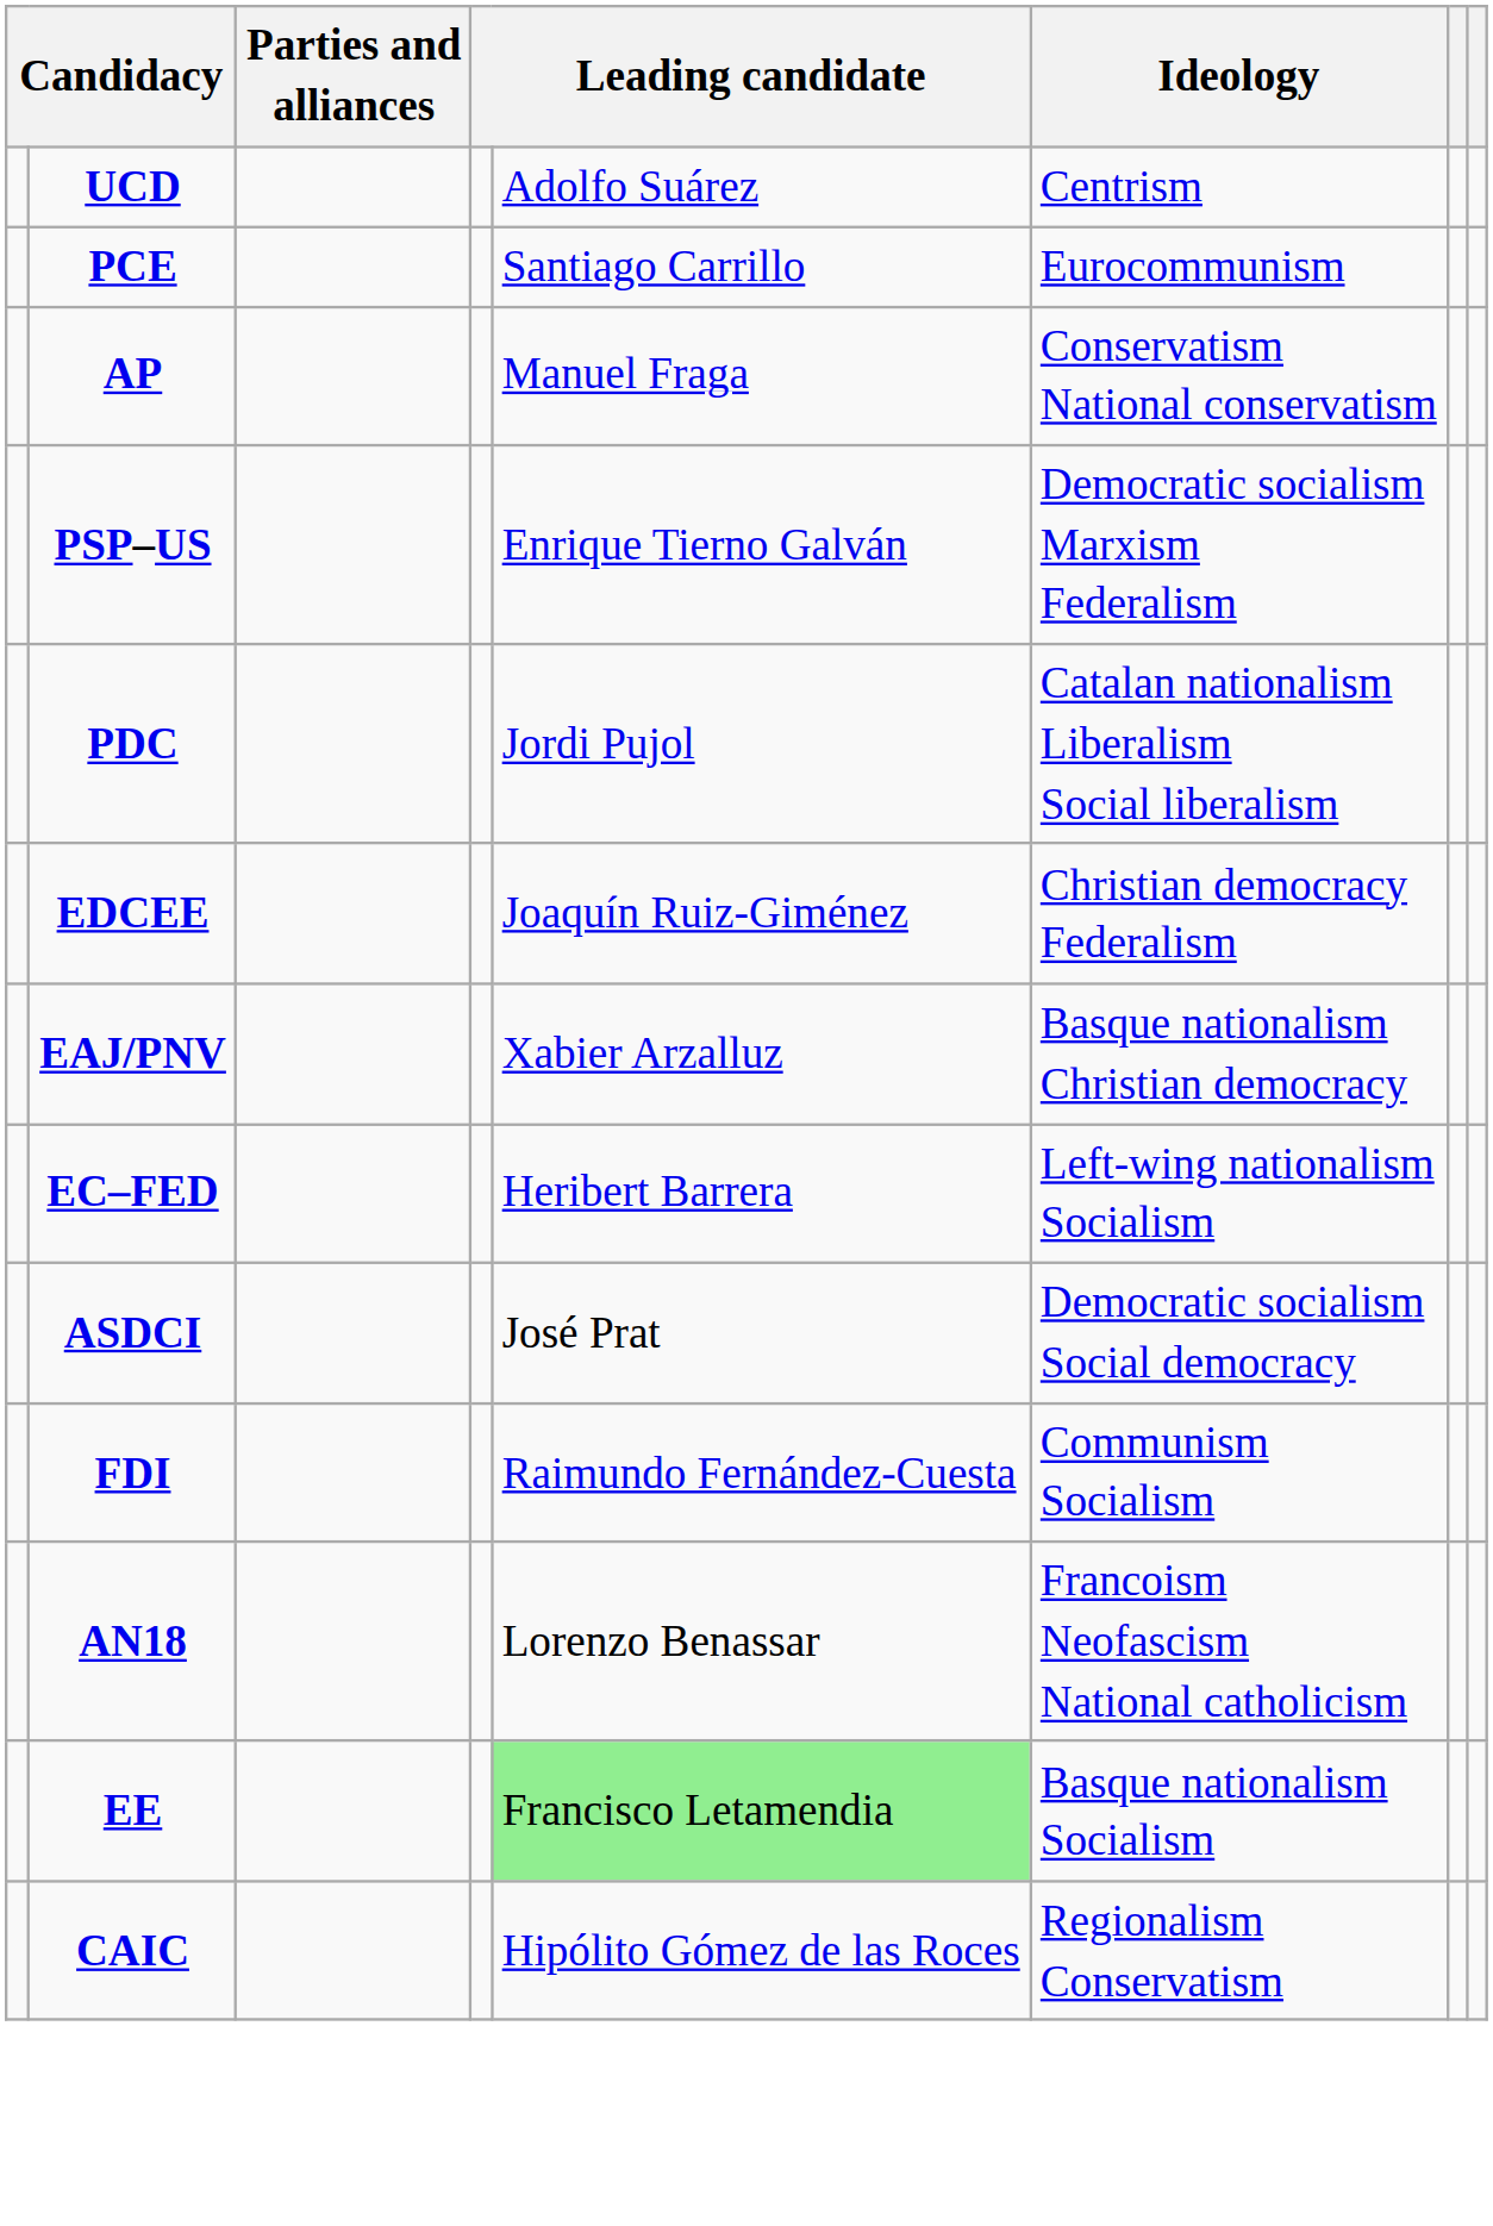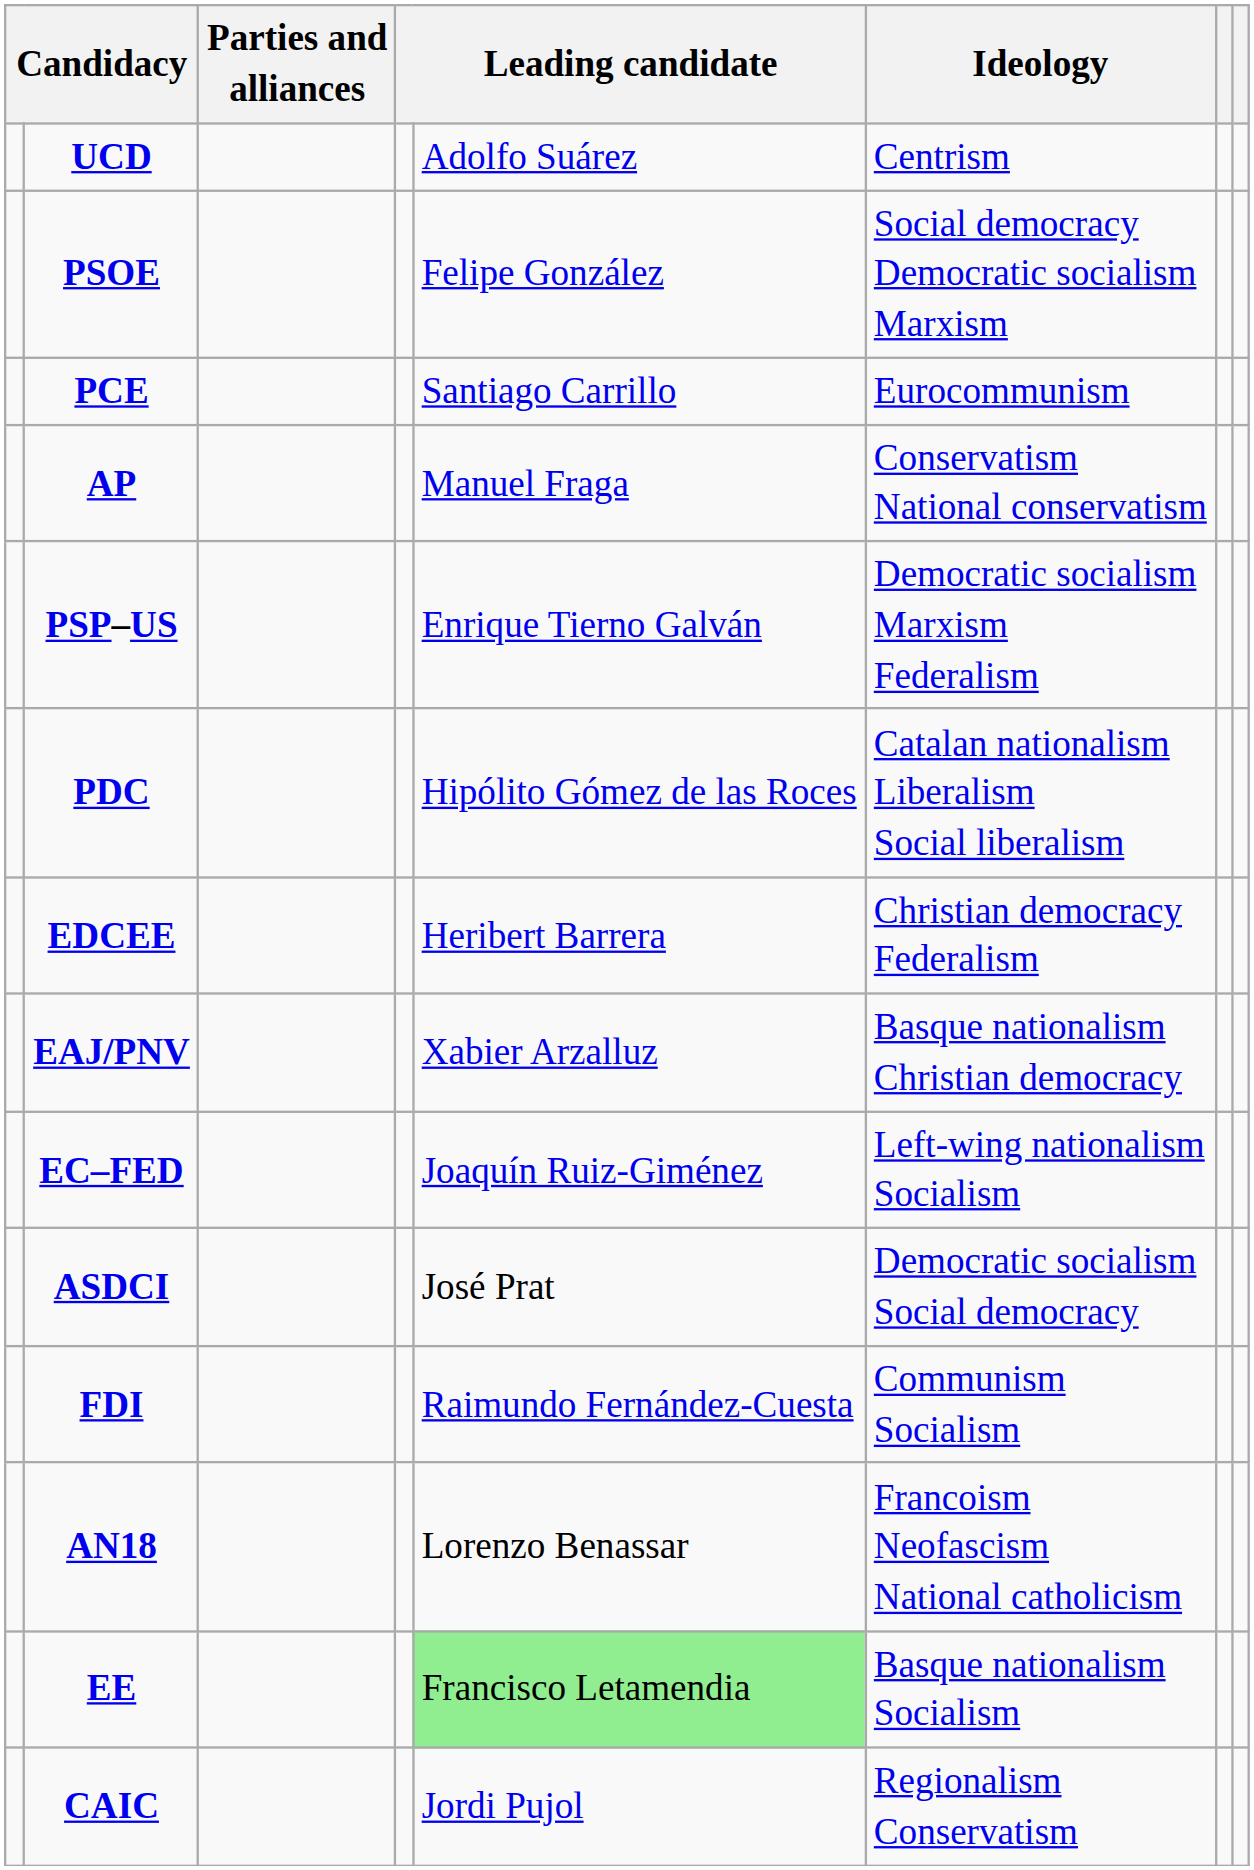 <table class="wikitable" style="line-height:1.35em; text-align:left;">
 <tr>
 <th colspan="2">Candidacy</th>
 <th>Parties and<br>alliances</th>
 <th colspan="2">Leading candidate</th>
 <th>Ideology</th>
 <th></th>
 <th></th>
 </tr>
 <tr>
 <td width="1" style="color:inherit;background:"></td>
 <td align="center"><strong><a href='#'>UCD</a></strong></td>
 <td></td>
 <td></td>
 <td><a href='#'>Adolfo Suárez</a></td>
 <td><a href='#'>Centrism</a></td>
+<td></td>
+<td></td>
+</tr>
+<tr>
+<td style="color:inherit;background:"></td>
+<td align="center"><strong><a href='#'>PSOE</a></strong></td>
+<td></td>
+<td></td>
+<td><a href='#'>Felipe González</a></td>
+<td><a href='#'>Social democracy</a><br><a href='#'>Democratic socialism</a><br><a href='#'>Marxism</a></td>
 <td></td>
 <td></td>
 </tr>
 <tr>
 <td style="color:inherit;background:"></td>
 <td align="center"><strong><a href='#'>PCE</a></strong></td>
 <td></td>
 <td></td>
 <td><a href='#'>Santiago Carrillo</a></td>
 <td><a href='#'>Eurocommunism</a></td>
 <td></td>
 <td></td>
 </tr>
 <tr>
 <td style="color:inherit;background:"></td>
 <td align="center"><strong><a href='#'>AP</a></strong></td>
 <td></td>
 <td></td>
 <td><a href='#'>Manuel Fraga</a></td>
 <td><a href='#'>Conservatism</a><br><a href='#'>National conservatism</a></td>
 <td></td>
 <td></td>
 </tr>
 <tr>
 <td style="color:inherit;background:"></td>
 <td align="center"><strong><a href='#'>PSP</a>–<a href='#'>US</a></strong></td>
 <td></td>
 <td></td>
 <td><a href='#'>Enrique Tierno Galván</a></td>
 <td><a href='#'>Democratic socialism</a><br><a href='#'>Marxism</a><br><a href='#'>Federalism</a></td>
 <td></td>
 <td></td>
 </tr>
 <tr>
 <td style="color:inherit;background:"></td>
 <td align="center"><strong><a href='#'>PDC</a></strong></td>
 <td></td>
 <td></td>
-<td><a href='#'>Jordi Pujol</a></td>
+<td><a href='#'>Hipólito Gómez de las Roces</a></td>
 <td><a href='#'>Catalan nationalism</a><br><a href='#'>Liberalism</a><br><a href='#'>Social liberalism</a></td>
 <td></td>
 <td></td>
 </tr>
 <tr>
 <td style="color:inherit;background:"></td>
 <td align="center"><strong><a href='#'>EDCEE</a></strong></td>
 <td></td>
 <td></td>
-<td><a href='#'>Joaquín Ruiz-Giménez</a></td>
+<td><a href='#'>Heribert Barrera</a></td>
 <td><a href='#'>Christian democracy</a><br><a href='#'>Federalism</a></td>
 <td></td>
 <td></td>
 </tr>
 <tr>
 <td style="color:inherit;background:"></td>
 <td align="center"><strong><a href='#'>EAJ/PNV</a></strong></td>
 <td></td>
 <td></td>
 <td><a href='#'>Xabier Arzalluz</a></td>
 <td><a href='#'>Basque nationalism</a><br><a href='#'>Christian democracy</a></td>
 <td></td>
 <td></td>
 </tr>
 <tr>
 <td style="color:inherit;background:"></td>
 <td align="center"><strong><a href='#'>EC–FED</a></strong></td>
 <td></td>
 <td></td>
-<td><a href='#'>Heribert Barrera</a></td>
+<td><a href='#'>Joaquín Ruiz-Giménez</a></td>
 <td><a href='#'>Left-wing nationalism</a><br><a href='#'>Socialism</a></td>
 <td></td>
 <td></td>
 </tr>
 <tr>
 <td style="color:inherit;background:"></td>
 <td align="center"><strong><a href='#'>ASDCI</a></strong></td>
 <td></td>
 <td></td>
 <td>José Prat</td>
 <td><a href='#'>Democratic socialism</a><br><a href='#'>Social democracy</a></td>
 <td></td>
 <td></td>
 </tr>
 <tr>
 <td style="color:inherit;background:"></td>
 <td align="center"><strong><a href='#'>FDI</a></strong></td>
 <td></td>
 <td></td>
 <td><a href='#'>Raimundo Fernández-Cuesta</a></td>
 <td><a href='#'>Communism</a><br><a href='#'>Socialism</a></td>
 <td></td>
 <td></td>
 </tr>
 <tr>
 <td style="color:inherit;background:"></td>
 <td align="center"><strong><a href='#'>AN18</a></strong></td>
 <td></td>
 <td></td>
 <td>Lorenzo Benassar</td>
 <td><a href='#'>Francoism</a><br><a href='#'>Neofascism</a><br><a href='#'>National catholicism</a></td>
 <td></td>
 <td></td>
 </tr>
 <tr>
 <td style="color:inherit;background:"></td>
 <td align="center"><strong><a href='#'>EE</a></strong></td>
 <td></td>
 <td></td>
 <td style="background: lightgreen;">Francisco Letamendia</td>
 <td><a href='#'>Basque nationalism</a><br><a href='#'>Socialism</a></td>
 <td></td>
 <td></td>
 </tr>
 <tr>
 <td style="color:inherit;background:"></td>
 <td align="center"><strong><a href='#'>CAIC</a></strong></td>
 <td></td>
 <td></td>
-<td><a href='#'>Hipólito Gómez de las Roces</a></td>
+<td><a href='#'>Jordi Pujol</a></td>
 <td><a href='#'>Regionalism</a><br><a href='#'>Conservatism</a></td>
 <td></td>
 <td></td>
 </tr>
 </table>
